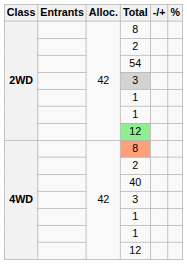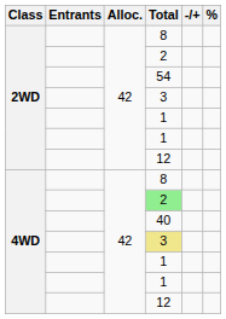 <table class="wikitable">
 <tr>
 <th>Class</th>
 <th>Entrants</th>
 <th align="center">Alloc.</th>
 <th align="center">Total</th>
 <th align="center">-/+</th>
 <th align="center">%</th>
 </tr>
 <tr>
 <th align="center" rowspan=7>2WD</th>
 <td></td>
 <td align="center" rowspan=7>42</td>
 <td align="center">8</td>
 <td align="center"></td>
 <td align="center"></td>
 </tr>
 <tr>
 <td></td>
 <td align="center">2</td>
 <td align="center"></td>
 <td align="center"></td>
 </tr>
 <tr>
 <td></td>
 <td align="center">54</td>
 <td align="center"></td>
 <td align="center"></td>
 </tr>
 <tr>
 <td></td>
-<td align="center" style="background: lightgrey;">3</td>
-<td align="center"></td>
-<td align="center"></td>
-</tr>
-<tr>
-<td></td>
-<td align="center">1</td>
-<td align="center"></td>
-<td align="center"></td>
-</tr>
-<tr>
-<td></td>
-<td align="center">1</td>
-<td align="center"></td>
-<td align="center"></td>
-</tr>
-<tr>
-<td></td>
-<td align="center" style="background: lightgreen;">12</td>
-<td align="center"></td>
-<td align="center"></td>
-</tr>
-<tr>
-<th align="center" rowspan=7>4WD</th>
-<td></td>
-<td align="center" rowspan=7>42</td>
-<td align="center" style="background: lightsalmon;">8</td>
-<td align="center"></td>
-<td align="center"></td>
-</tr>
-<tr>
-<td></td>
-<td align="center">2</td>
-<td align="center"></td>
-<td align="center"></td>
-</tr>
-<tr>
-<td></td>
-<td align="center">40</td>
-<td align="center"></td>
-<td align="center"></td>
-</tr>
-<tr>
-<td></td>
 <td align="center">3</td>
 <td align="center"></td>
 <td align="center"></td>
 </tr>
 <tr>
 <td></td>
 <td align="center">1</td>
 <td align="center"></td>
 <td align="center"></td>
 </tr>
 <tr>
 <td></td>
 <td align="center">1</td>
 <td align="center"></td>
 <td align="center"></td>
 </tr>
 <tr>
 <td></td>
 <td align="center">12</td>
 <td align="center"></td>
 <td align="center"></td>
 </tr>
+<tr>
+<th align="center" rowspan=7>4WD</th>
+<td></td>
+<td align="center" rowspan=7>42</td>
+<td align="center">8</td>
+<td align="center"></td>
+<td align="center"></td>
+</tr>
+<tr>
+<td></td>
+<td align="center" style="background: lightgreen;">2</td>
+<td align="center"></td>
+<td align="center"></td>
+</tr>
+<tr>
+<td></td>
+<td align="center">40</td>
+<td align="center"></td>
+<td align="center"></td>
+</tr>
+<tr>
+<td></td>
+<td align="center" style="background: khaki;">3</td>
+<td align="center"></td>
+<td align="center"></td>
+</tr>
+<tr>
+<td></td>
+<td align="center">1</td>
+<td align="center"></td>
+<td align="center"></td>
+</tr>
+<tr>
+<td></td>
+<td align="center">1</td>
+<td align="center"></td>
+<td align="center"></td>
+</tr>
+<tr>
+<td></td>
+<td align="center">12</td>
+<td align="center"></td>
+<td align="center"></td>
+</tr>
 </table>
